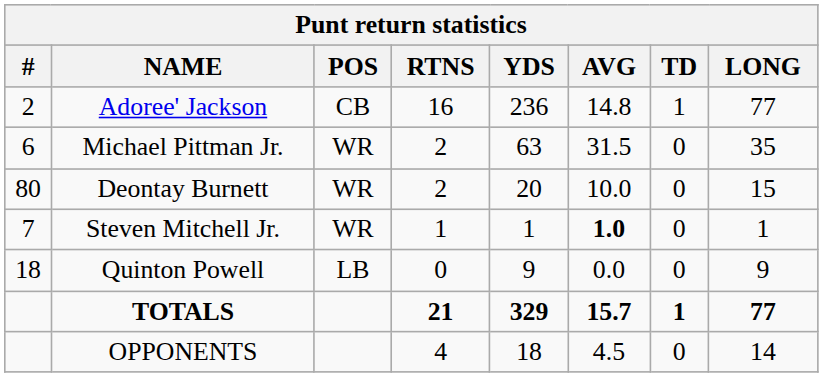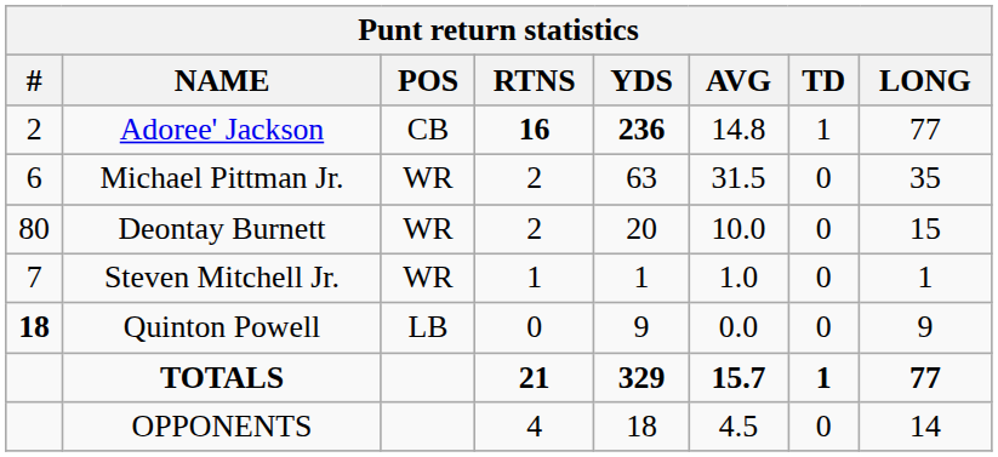 <table style="width:40%; text-align:center;" class="wikitable collapsible collapsed">
 <tr>
 <th colspan="8">Punt return statistics</th>
 </tr>
 <tr>
 <th>#</th>
 <th>NAME</th>
 <th>POS</th>
 <th>RTNS</th>
 <th>YDS</th>
 <th>AVG</th>
 <th>TD</th>
 <th>LONG</th>
 </tr>
 <tr>
 <td>2</td>
 <td><a href='#'>Adoree' Jackson</a></td>
 <td>CB</td>
-<td>16</td>
-<td>236</td>
+<td><strong>16</strong></td>
+<td><strong>236</strong></td>
 <td>14.8</td>
 <td>1</td>
 <td>77</td>
 </tr>
 <tr>
 <td>6</td>
 <td>Michael Pittman Jr.</td>
 <td>WR</td>
 <td>2</td>
 <td>63</td>
 <td>31.5</td>
 <td>0</td>
 <td>35</td>
 </tr>
 <tr>
 <td>80</td>
 <td>Deontay Burnett</td>
 <td>WR</td>
 <td>2</td>
 <td>20</td>
 <td>10.0</td>
 <td>0</td>
 <td>15</td>
 </tr>
 <tr>
 <td>7</td>
 <td>Steven Mitchell Jr.</td>
 <td>WR</td>
 <td>1</td>
 <td>1</td>
-<td><strong>1.0</strong></td>
+<td>1.0</td>
 <td>0</td>
 <td>1</td>
 </tr>
 <tr>
-<td>18</td>
+<td><strong>18</strong></td>
 <td>Quinton Powell</td>
 <td>LB</td>
 <td>0</td>
 <td>9</td>
 <td>0.0</td>
 <td>0</td>
 <td>9</td>
 </tr>
 <tr>
 <td></td>
 <td><strong>TOTALS</strong></td>
 <td></td>
 <td><strong>21</strong></td>
 <td><strong>329</strong></td>
 <td><strong>15.7</strong></td>
 <td><strong>1</strong></td>
 <td><strong>77</strong></td>
 </tr>
 <tr>
 <td></td>
 <td>OPPONENTS</td>
 <td></td>
 <td>4</td>
 <td>18</td>
 <td>4.5</td>
 <td>0</td>
 <td>14</td>
 </tr>
 </table>
